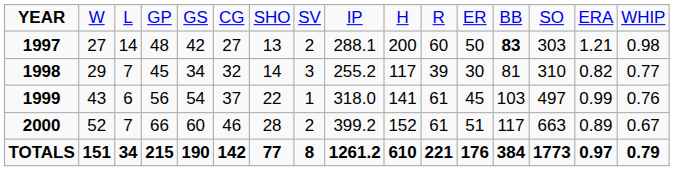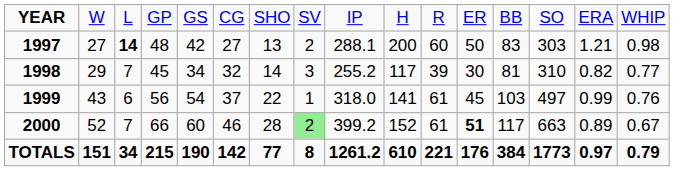 <table class="wikitable">
 <tr align=center>
 <td><strong>YEAR</strong></td>
 <td><a href='#'>W</a></td>
 <td><a href='#'>L</a></td>
 <td><a href='#'>GP</a></td>
 <td><a href='#'>GS</a></td>
 <td><a href='#'>CG</a></td>
 <td><a href='#'>SHO</a></td>
 <td><a href='#'>SV</a></td>
 <td><a href='#'>IP</a></td>
 <td><a href='#'>H</a></td>
 <td><a href='#'>R</a></td>
 <td><a href='#'>ER</a></td>
 <td><a href='#'>BB</a></td>
 <td><a href='#'>SO</a></td>
 <td><a href='#'>ERA</a></td>
 <td><a href='#'>WHIP</a></td>
 </tr>
 <tr align=center>
 <td><strong>1997</strong></td>
 <td>27</td>
-<td>14</td>
+<td><strong>14</strong></td>
 <td>48</td>
 <td>42</td>
 <td>27</td>
 <td>13</td>
 <td>2</td>
 <td>288.1</td>
 <td>200</td>
 <td>60</td>
 <td>50</td>
-<td><strong>83</strong></td>
+<td>83</td>
 <td>303</td>
 <td>1.21</td>
 <td>0.98</td>
 </tr>
 <tr align=center>
 <td><strong>1998</strong></td>
 <td>29</td>
 <td>7</td>
 <td>45</td>
 <td>34</td>
 <td>32</td>
 <td>14</td>
 <td>3</td>
 <td>255.2</td>
 <td>117</td>
 <td>39</td>
 <td>30</td>
 <td>81</td>
 <td>310</td>
 <td>0.82</td>
 <td>0.77</td>
 </tr>
 <tr align=center>
 <td><strong>1999</strong></td>
 <td>43</td>
 <td>6</td>
 <td>56</td>
 <td>54</td>
 <td>37</td>
 <td>22</td>
 <td>1</td>
 <td>318.0</td>
 <td>141</td>
 <td>61</td>
 <td>45</td>
 <td>103</td>
 <td>497</td>
 <td>0.99</td>
 <td>0.76</td>
 </tr>
 <tr align=center>
 <td><strong>2000</strong></td>
 <td>52</td>
 <td>7</td>
 <td>66</td>
 <td>60</td>
 <td>46</td>
 <td>28</td>
-<td>2</td>
+<td style="background: lightgreen;">2</td>
 <td>399.2</td>
 <td>152</td>
 <td>61</td>
-<td>51</td>
+<td><strong>51</strong></td>
 <td>117</td>
 <td>663</td>
 <td>0.89</td>
 <td>0.67</td>
 </tr>
 <tr align=center>
 <td><strong>TOTALS</strong></td>
 <td><strong>151</strong></td>
 <td><strong>34</strong></td>
 <td><strong>215</strong></td>
 <td><strong>190</strong></td>
 <td><strong>142</strong></td>
 <td><strong>77</strong></td>
 <td><strong>8</strong></td>
 <td><strong>1261.2</strong></td>
 <td><strong>610</strong></td>
 <td><strong>221</strong></td>
 <td><strong>176</strong></td>
 <td><strong>384</strong></td>
 <td><strong>1773</strong></td>
 <td><strong>0.97</strong></td>
 <td><strong>0.79</strong></td>
 </tr>
 </table>
